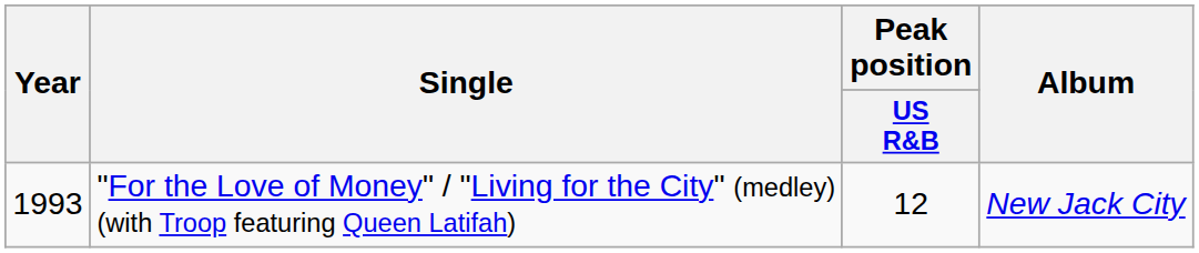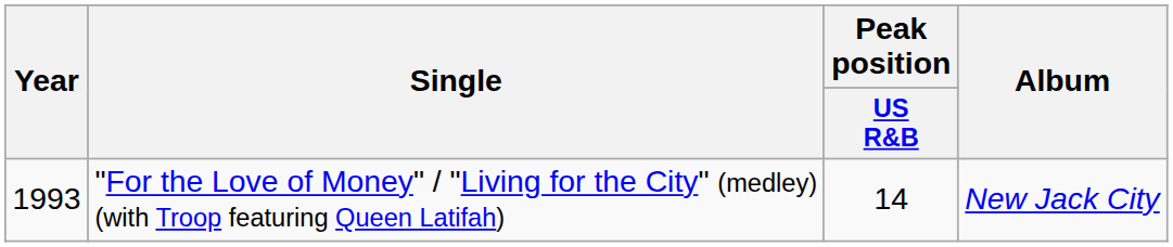 <table class="wikitable" style="text-align:center;">
 <tr>
 <th rowspan="2">Year</th>
 <th rowspan="2">Single</th>
 <th colspan="1">Peak position</th>
 <th rowspan="2">Album</th>
 </tr>
 <tr style="font-size:smaller;">
 <th width="35"><a href='#'>US<br>R&B</a></th>
 </tr>
 <tr s>
 <td rowspan="1">1993</td>
 <td align="left">"<a href='#'>For the Love of Money</a>" / "<a href='#'>Living for the City</a>" <small>(medley)</small> <br><small>(with <a href='#'>Troop</a> featuring <a href='#'>Queen Latifah</a>)</small></td>
-<td>12</td>
+<td>14</td>
 <td align="left" rowspan="1"><em><a href='#'>New Jack City</a></em></td>
 </tr>
 </table>
